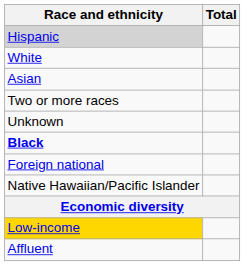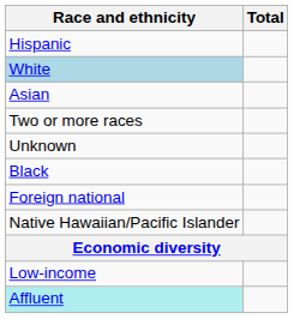 <table class="wikitable floatright sortable collapsible"; text-align:right; font-size:80%;">
 <tr>
 <th>Race and ethnicity</th>
 <th colspan="2" data-sort-type=number>Total</th>
 </tr>
 <tr>
-<td style="background: lightgrey;"><a href='#'>Hispanic</a></td>
+<td><a href='#'>Hispanic</a></td>
 <td align=right></td>
 </tr>
 <tr>
-<td><a href='#'>White</a></td>
+<td style="background: lightblue;"><a href='#'>White</a></td>
 <td align=right></td>
 </tr>
 <tr>
 <td><a href='#'>Asian</a></td>
 <td align=right></td>
 </tr>
 <tr>
 <td>Two or more races </td>
 <td align=right></td>
 </tr>
 <tr>
 <td>Unknown</td>
 <td align=right></td>
 </tr>
 <tr>
-<td><strong><a href='#'>Black</a></strong></td>
+<td><a href='#'>Black</a></td>
 <td align=right></td>
 </tr>
 <tr>
 <td><a href='#'>Foreign national</a></td>
 <td align=right></td>
 </tr>
 <tr>
 <td>Native Hawaiian/Pacific Islander</td>
 <td align=right></td>
 </tr>
 <tr>
 <th colspan="4" data-sort-type=number><a href='#'>Economic diversity</a></th>
 </tr>
 <tr>
-<td style="background: gold;"><a href='#'>Low-income</a></td>
+<td><a href='#'>Low-income</a></td>
 <td align=right></td>
 </tr>
 <tr>
-<td><a href='#'>Affluent</a></td>
+<td style="background: paleturquoise;"><a href='#'>Affluent</a></td>
 <td align=right></td>
 </tr>
 </table>
